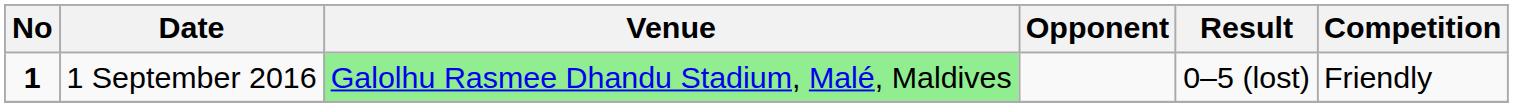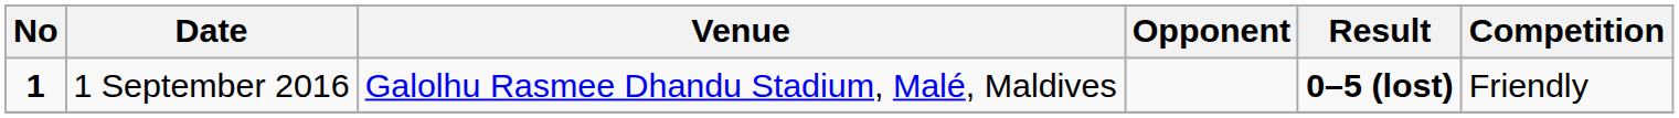 <table class="wikitable">
 <tr>
 <th>No</th>
 <th>Date</th>
 <th>Venue</th>
 <th>Opponent</th>
 <th>Result</th>
 <th>Competition</th>
 </tr>
 <tr>
 <td align=center><strong>1</strong></td>
 <td>1 September 2016</td>
-<td style="background: lightgreen;"><a href='#'>Galolhu Rasmee Dhandu Stadium</a>, <a href='#'>Malé</a>, Maldives</td>
+<td><a href='#'>Galolhu Rasmee Dhandu Stadium</a>, <a href='#'>Malé</a>, Maldives</td>
 <td></td>
-<td align=center>0–5 (lost)</td>
+<td align=center><strong>0–5 (lost)</strong></td>
 <td>Friendly</td>
 </tr>
 <tr>
 </tr>
 </table>
